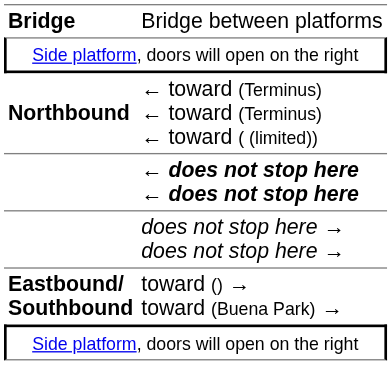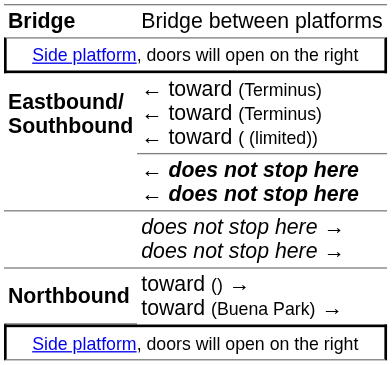 <table table border=0 cellspacing=0 cellpadding=3>
 <tr>
 <td style="border-top:solid 1px gray"><strong>Bridge</strong></td>
 <td style="border-top:solid 1px gray">Bridge between platforms</td>
 </tr>
 <tr>
 <td style="border-top:solid 1px gray;border-right:solid 2px black;border-left:solid 2px black;border-bottom:solid 2px black;text-align:center;" colspan=2><small><a href='#'>Side platform</a>, doors will open on the right</small></td>
 </tr>
 <tr>
-<td style="border-bottom:solid 1px gray"><strong>Northbound</strong></td>
+<td><strong>Eastbound/<br>Southbound</strong></td>
 <td style="border-bottom:solid 1px gray">←  toward  <small>(Terminus)</small><br>←  toward  <small>(Terminus)</small><br>←  toward  <small>( (limited))</small></td>
 </tr>
 <tr>
 <td style="border-bottom:solid 1px gray;"></td>
 <td style="border-bottom:solid 1px gray;"><strong>←  <em>does not stop here</em><br>←  <em>does not stop here</em></strong></td>
 </tr>
 <tr>
 <td style="border-bottom:solid 1px gray;"></td>
 <td style="border-bottom:solid 1px gray;">  <em>does not stop here</em> →<br>  <em>does not stop here</em> →</td>
 </tr>
 <tr>
-<td><strong>Eastbound/<br>Southbound</strong></td>
+<td style="border-bottom:solid 1px gray"><strong>Northbound</strong></td>
 <td>  toward  <small>()</small> →<br>  toward  <small>(Buena Park)</small> →</td>
 </tr>
 <tr>
 <td style="border-top:solid 2px black;border-right:solid 2px black;border-left:solid 2px black;border-bottom:solid 1px gray;text-align:center;" colspan=2><small><a href='#'>Side platform</a>, doors will open on the right</small></td>
 </tr>
 </table>
